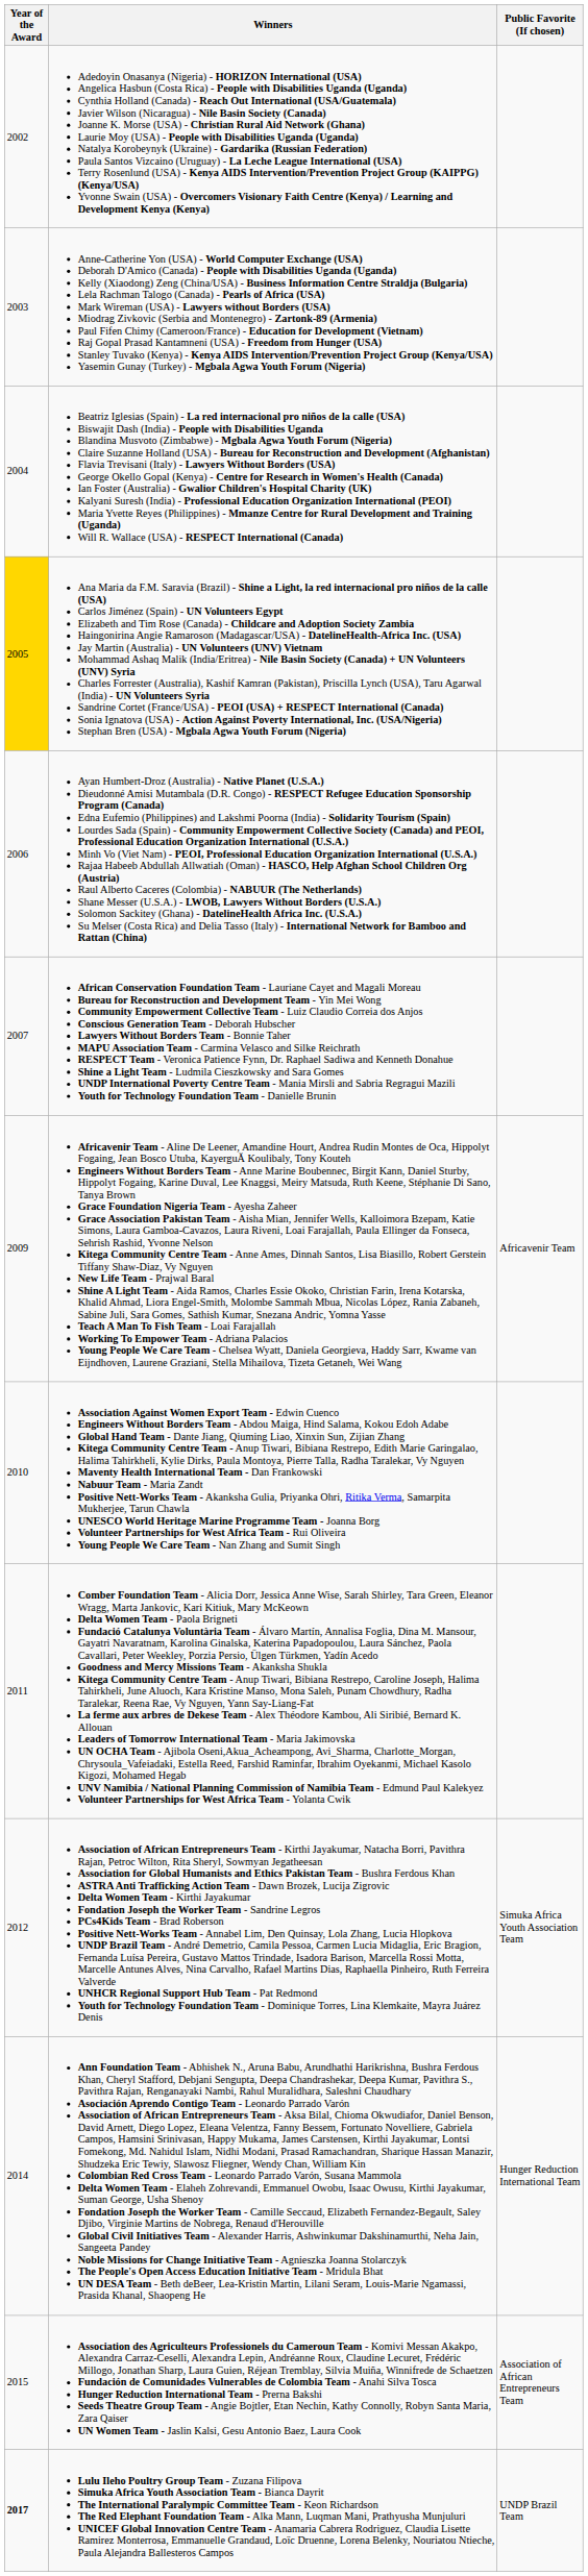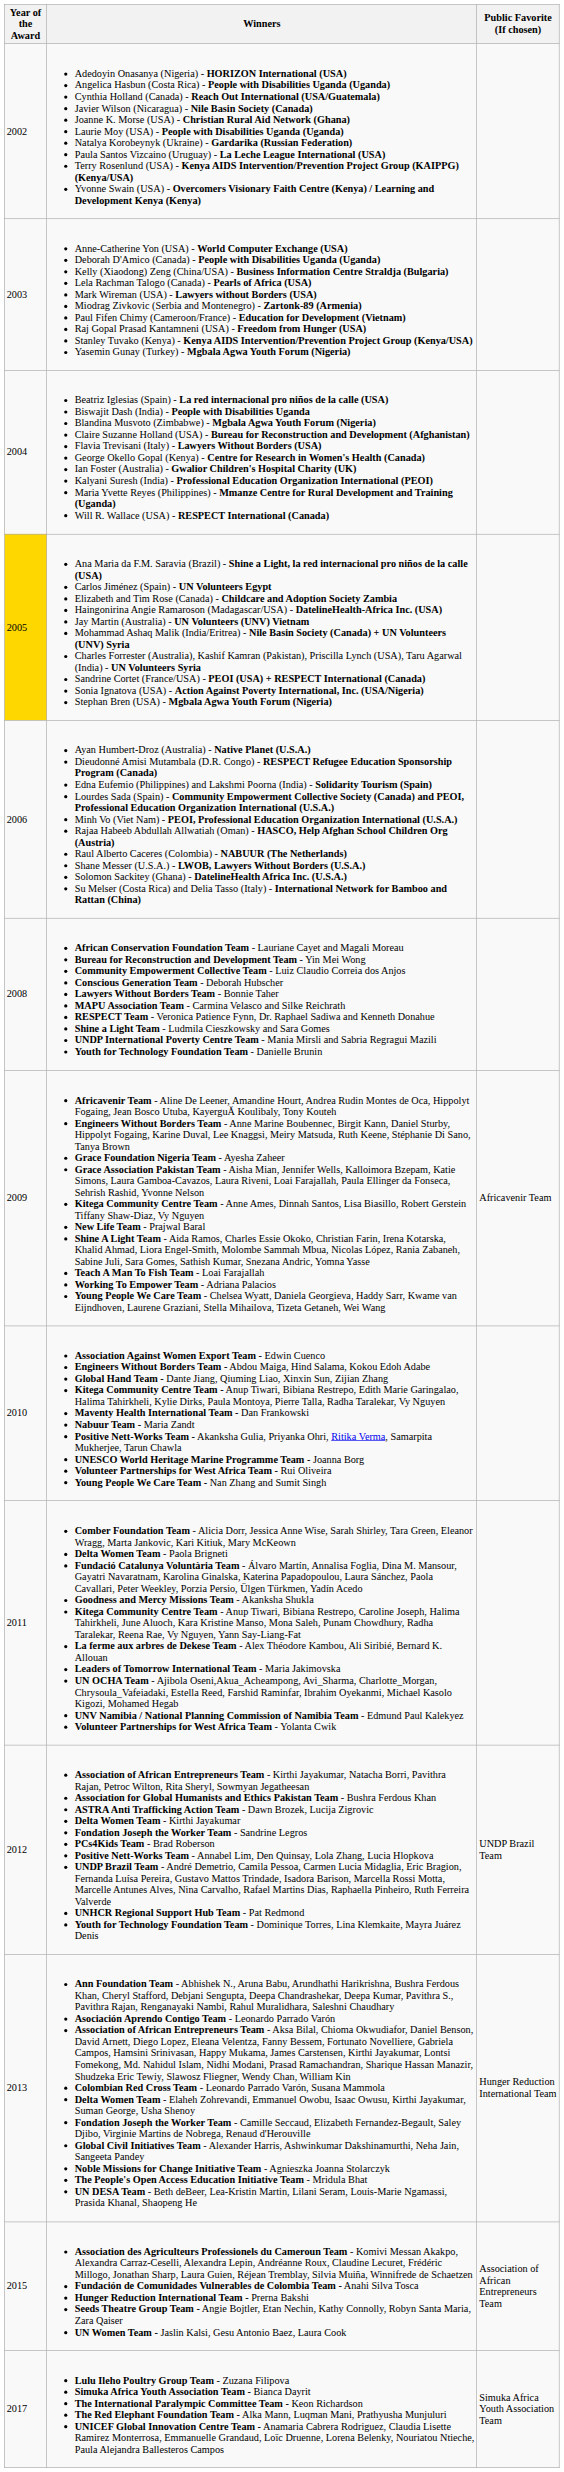 <table class="wikitable">
 <tr>
 <th>Year of the Award</th>
 <th>Winners</th>
 <th>Public Favorite<br>(If chosen)</th>
 </tr>
 <tr>
 <td>2002</td>
 <td><br><ul><li>Adedoyin Onasanya (Nigeria) - <strong>HORIZON International (USA)</strong></li><li>Angelica Hasbun (Costa Rica) - <strong>People with Disabilities Uganda (Uganda)</strong></li><li>Cynthia Holland (Canada) - <strong>Reach Out International (USA/Guatemala)</strong></li><li>Javier Wilson (Nicaragua) - <strong>Nile Basin Society (Canada)</strong></li><li>Joanne K. Morse (USA) - <strong>Christian Rural Aid Network (Ghana)</strong></li><li>Laurie Moy (USA) - <strong>People with Disabilities Uganda (Uganda)</strong></li><li>Natalya Korobeynyk (Ukraine) - <strong>Gardarika (Russian Federation)</strong></li><li>Paula Santos Vizcaino (Uruguay) - <strong>La Leche League International (USA)</strong></li><li>Terry Rosenlund (USA) - <strong>Kenya AIDS Intervention/Prevention Project Group (KAIPPG) (Kenya/USA)</strong></li><li>Yvonne Swain (USA) - <strong>Overcomers Visionary Faith Centre (Kenya) / Learning and Development Kenya (Kenya)</strong></li></ul></td>
 <td></td>
 </tr>
 <tr>
 <td>2003</td>
 <td><br><ul><li>Anne-Catherine Yon (USA) - <strong>World Computer Exchange (USA)</strong></li><li>Deborah D'Amico (Canada) - <strong>People with Disabilities Uganda (Uganda)</strong></li><li>Kelly (Xiaodong) Zeng (China/USA) - <strong>Business Information Centre Straldja (Bulgaria)</strong></li><li>Lela Rachman Talogo (Canada) - <strong>Pearls of Africa (USA)</strong></li><li>Mark Wireman (USA) - <strong>Lawyers without Borders (USA)</strong></li><li>Miodrag Zivkovic (Serbia and Montenegro) - <strong>Zartonk-89 (Armenia)</strong></li><li>Paul Fifen Chimy (Cameroon/France) - <strong>Education for Development (Vietnam)</strong></li><li>Raj Gopal Prasad Kantamneni (USA) - <strong>Freedom from Hunger (USA)</strong></li><li>Stanley Tuvako (Kenya) - <strong>Kenya AIDS Intervention/Prevention Project Group (Kenya/USA)</strong></li><li>Yasemin Gunay (Turkey) - <strong>Mgbala Agwa Youth Forum (Nigeria)</strong></li></ul></td>
 <td></td>
 </tr>
 <tr>
 <td>2004</td>
 <td><br><ul><li>Beatriz Iglesias (Spain) - <strong>La red internacional pro niños de la calle (USA)</strong></li><li>Biswajit Dash (India) - <strong>People with Disabilities Uganda</strong></li><li>Blandina Musvoto (Zimbabwe) - <strong>Mgbala Agwa Youth Forum (Nigeria)</strong></li><li>Claire Suzanne Holland (USA) - <strong>Bureau for Reconstruction and Development (Afghanistan)</strong></li><li>Flavia Trevisani (Italy) - <strong>Lawyers Without Borders (USA)</strong></li><li>George Okello Gopal (Kenya) - <strong>Centre for Research in Women's Health (Canada)</strong></li><li>Ian Foster (Australia) - <strong>Gwalior Children's Hospital Charity (UK)</strong></li><li>Kalyani Suresh (India) - <strong>Professional Education Organization International (PEOI)</strong></li><li>Maria Yvette Reyes (Philippines) - <strong>Mmanze Centre for Rural Development and Training (Uganda)</strong></li><li>Will R. Wallace (USA) - <strong>RESPECT International (Canada)</strong></li></ul></td>
 <td></td>
 </tr>
 <tr>
 <td style="background: gold;">2005</td>
 <td><br><ul><li>Ana Maria da F.M. Saravia (Brazil) - <strong>Shine a Light, la red internacional pro niños de la calle (USA)</strong></li><li>Carlos Jiménez (Spain) - <strong>UN Volunteers Egypt</strong></li><li>Elizabeth and Tim Rose (Canada) - <strong>Childcare and Adoption Society Zambia</strong></li><li>Haingonirina Angie Ramaroson (Madagascar/USA) - <strong>DatelineHealth-Africa Inc. (USA)</strong></li><li>Jay Martin (Australia) - <strong>UN Volunteers (UNV) Vietnam</strong></li><li>Mohammad Ashaq Malik (India/Eritrea) - <strong>Nile Basin Society (Canada) + UN Volunteers (UNV) Syria</strong></li><li>Charles Forrester (Australia), Kashif Kamran (Pakistan), Priscilla Lynch (USA), Taru Agarwal (India) - <strong>UN Volunteers Syria</strong></li><li>Sandrine Cortet (France/USA) - <strong>PEOI (USA) + RESPECT International (Canada)</strong></li><li>Sonia Ignatova (USA) - <strong>Action Against Poverty International, Inc. (USA/Nigeria)</strong></li><li>Stephan Bren (USA) - <strong>Mgbala Agwa Youth Forum (Nigeria)</strong></li></ul></td>
 <td></td>
 </tr>
 <tr>
 <td>2006</td>
 <td><br><ul><li>Ayan Humbert-Droz (Australia) - <strong>Native Planet (U.S.A.)</strong></li><li>Dieudonné Amisi Mutambala (D.R. Congo) - <strong>RESPECT Refugee Education Sponsorship Program (Canada)</strong></li><li>Edna Eufemio (Philippines) and Lakshmi Poorna (India) - <strong>Solidarity Tourism (Spain)</strong></li><li>Lourdes Sada (Spain) - <strong>Community Empowerment Collective Society (Canada) and PEOI, Professional Education Organization International (U.S.A.)</strong></li><li>Minh Vo (Viet Nam) - <strong>PEOI, Professional Education Organization International (U.S.A.)</strong></li><li>Rajaa Habeeb Abdullah Allwatiah (Oman) - <strong>HASCO, Help Afghan School Children Org (Austria)</strong></li><li>Raul Alberto Caceres (Colombia) - <strong>NABUUR (The Netherlands)</strong></li><li>Shane Messer (U.S.A.) - <strong>LWOB, Lawyers Without Borders (U.S.A.)</strong></li><li>Solomon Sackitey (Ghana) - <strong>DatelineHealth Africa Inc. (U.S.A.)</strong></li><li>Su Melser (Costa Rica) and Delia Tasso (Italy) - <strong>International Network for Bamboo and Rattan (China)</strong></li></ul></td>
 <td></td>
 </tr>
 <tr>
-<td>2007</td>
+<td>2008</td>
 <td><br><ul><li><strong>African Conservation Foundation Team</strong> - Lauriane Cayet and Magali Moreau</li><li><strong>Bureau for Reconstruction and Development Team</strong> - Yin Mei Wong</li><li><strong>Community Empowerment Collective Team</strong> - Luiz Claudio Correia dos Anjos</li><li><strong>Conscious Generation Team</strong> - Deborah Hubscher</li><li><strong>Lawyers Without Borders Team</strong> - Bonnie Taher</li><li><strong>MAPU Association Team</strong> - Carmina Velasco and Silke Reichrath</li><li><strong>RESPECT Team</strong> - Veronica Patience Fynn, Dr. Raphael Sadiwa and Kenneth Donahue</li><li><strong>Shine a Light Team</strong> - Ludmila Cieszkowsky and Sara Gomes</li><li><strong>UNDP International Poverty Centre Team</strong> - Mania Mirsli and Sabria Regragui Mazili</li><li><strong>Youth for Technology Foundation Team</strong> - Danielle Brunin</li></ul></td>
 <td></td>
 </tr>
 <tr>
 <td>2009</td>
 <td><br><ul><li><strong>Africavenir Team</strong> - Aline De Leener, Amandine Hourt, Andrea Rudin Montes de Oca, Hippolyt Fogaing, Jean Bosco Utuba, KayerguĂ Koulibaly, Tony Kouteh</li><li><strong>Engineers Without Borders Team</strong> - Anne Marine Boubennec, Birgit Kann, Daniel Sturby, Hippolyt Fogaing, Karine Duval, Lee Knaggsi, Meiry Matsuda, Ruth Keene, Stéphanie Di Sano, Tanya Brown</li><li><strong>Grace Foundation Nigeria Team</strong> - Ayesha Zaheer</li><li><strong>Grace Association Pakistan Team</strong> - Aisha Mian, Jennifer Wells, Kalloimora Bzepam, Katie Simons, Laura Gamboa-Cavazos, Laura Riveni, Loai Farajallah, Paula Ellinger da Fonseca, Sehrish Rashid, Yvonne Nelson</li><li><strong>Kitega Community Centre Team</strong> - Anne Ames, Dinnah Santos, Lisa Biasillo, Robert Gerstein Tiffany Shaw-Diaz, Vy Nguyen</li><li><strong>New Life Team</strong> - Prajwal Baral</li><li><strong>Shine A Light Team</strong> - Aida Ramos, Charles Essie Okoko, Christian Farin, Irena Kotarska, Khalid Ahmad, Liora Engel-Smith, Molombe Sammah Mbua, Nicolas López, Rania Zabaneh, Sabine Juli, Sara Gomes, Sathish Kumar, Snezana Andric, Yomna Yasse</li><li><strong>Teach A Man To Fish Team</strong> - Loai Farajallah</li><li><strong>Working To Empower Team</strong> - Adriana Palacios</li><li><strong>Young People We Care Team</strong> - Chelsea Wyatt, Daniela Georgieva, Haddy Sarr, Kwame van Eijndhoven, Laurene Graziani, Stella Mihailova, Tizeta Getaneh, Wei Wang</li></ul></td>
 <td>Africavenir Team</td>
 </tr>
 <tr>
 <td>2010</td>
 <td><br><ul><li><strong>Association Against Women Export Team -</strong> Edwin Cuenco</li><li><strong>Engineers Without Borders Team -</strong> Abdou Maiga, Hind Salama, Kokou Edoh Adabe</li><li><strong>Global Hand Team -</strong> Dante Jiang, Qiuming Liao, Xinxin Sun, Zijian Zhang</li><li><strong>Kitega Community Centre Team -</strong> Anup Tiwari, Bibiana Restrepo, Edith Marie Garingalao, Halima Tahirkheli, Kylie Dirks, Paula Montoya, Pierre Talla, Radha Taralekar, Vy Nguyen</li><li><strong>Maventy Health International Team -</strong> Dan Frankowski</li><li><strong>Nabuur Team -</strong> Maria Zandt</li><li><strong>Positive Nett-Works Team -</strong> Akanksha Gulia, Priyanka Ohri, <a href='#'>Ritika Verma</a>, Samarpita Mukherjee, Tarun Chawla</li><li><strong>UNESCO World Heritage Marine Programme Team -</strong> Joanna Borg</li><li><strong>Volunteer Partnerships for West Africa Team -</strong> Rui Oliveira</li><li><strong>Young People We Care Team -</strong> Nan Zhang and Sumit Singh</li></ul></td>
 <td></td>
 </tr>
 <tr>
 <td>2011</td>
 <td><br><ul><li><strong>Comber Foundation Team</strong> - Alicia Dorr, Jessica Anne Wise, Sarah Shirley, Tara Green, Eleanor Wragg, Marta Jankovic, Kari Kitiuk, Mary McKeown</li><li><strong>Delta Women Team</strong> - Paola Brigneti</li><li><strong>Fundació Catalunya Voluntària Team</strong> - Álvaro Martín, Annalisa Foglia, Dina M. Mansour, Gayatri Navaratnam, Karolina Ginalska, Katerina Papadopoulou, Laura Sánchez, Paola Cavallari, Peter Weekley, Porzia Persio, Ülgen Türkmen, Yadín Acedo</li><li><strong>Goodness and Mercy Missions Team</strong> - Akanksha Shukla</li><li><strong>Kitega Community Centre Team</strong> - Anup Tiwari, Bibiana Restrepo, Caroline Joseph, Halima Tahirkheli, June Aluoch, Kara Kristine Manso, Mona Saleh, Punam Chowdhury, Radha Taralekar, Reena Rae, Vy Nguyen, Yann Say-Liang-Fat</li><li><strong>La ferme aux arbres de Dekese Team</strong> - Alex Théodore Kambou, Ali Siribié, Bernard K. Allouan</li><li><strong>Leaders of Tomorrow International Team</strong> - Maria Jakimovska</li><li><strong>UN OCHA Team</strong> - Ajibola Oseni,Akua_Acheampong, Avi_Sharma, Charlotte_Morgan, Chrysoula_Vafeiadaki, Estella Reed, Farshid Raminfar, Ibrahim Oyekanmi, Michael Kasolo Kigozi, Mohamed Hegab</li><li><strong>UNV Namibia / National Planning Commission of Namibia Team</strong> - Edmund Paul Kalekyez</li><li><strong>Volunteer Partnerships for West Africa Team</strong> - Yolanta Cwik</li></ul></td>
 <td></td>
 </tr>
 <tr>
 <td>2012</td>
 <td><br><ul><li><strong>Association of African Entrepreneurs Team</strong> - Kirthi Jayakumar, Natacha Borri, Pavithra Rajan, Petroc Wilton, Rita Sheryl, Sowmyan Jegatheesan</li><li><strong>Association for Global Humanists and Ethics Pakistan Team</strong> - Bushra Ferdous Khan</li><li><strong>ASTRA Anti Trafficking Action Team</strong> - Dawn Brozek, Lucija Zigrovic</li><li><strong>Delta Women Team</strong> - Kirthi Jayakumar</li><li><strong>Fondation Joseph the Worker Team</strong> - Sandrine Legros</li><li><strong>PCs4Kids Team</strong> - Brad Roberson</li><li><strong>Positive Nett-Works Team</strong> - Annabel Lim, Den Quinsay, Lola Zhang, Lucia Hlopkova</li><li><strong>UNDP Brazil Team</strong> - André Demetrio, Camila Pessoa, Carmen Lucia Midaglia, Eric Bragion, Fernanda Luísa Pereira, Gustavo Mattos Trindade, Isadora Barison, Marcella Rossi Motta, Marcelle Antunes Alves, Nina Carvalho, Rafael Martins Dias, Raphaella Pinheiro, Ruth Ferreira Valverde</li><li><strong>UNHCR Regional Support Hub Team</strong> - Pat Redmond</li><li><strong>Youth for Technology Foundation Team</strong> - Dominique Torres, Lina Klemkaite, Mayra Juárez Denis</li></ul></td>
-<td>Simuka Africa Youth Association Team</td>
+<td>UNDP Brazil Team</td>
 </tr>
 <tr>
-<td>2014</td>
+<td>2013</td>
 <td><br><ul><li><strong>Ann Foundation Team</strong> - Abhishek N., Aruna Babu, Arundhathi Harikrishna, Bushra Ferdous Khan, Cheryl Stafford, Debjani Sengupta, Deepa Chandrashekar, Deepa Kumar, Pavithra S., Pavithra Rajan, Renganayaki Nambi, Rahul Muralidhara, Saleshni Chaudhary</li><li><strong>Asociación Aprendo Contigo Team</strong> - Leonardo Parrado Varón</li><li><strong>Association of African Entrepreneurs Team</strong> - Aksa Bilal, Chioma Okwudiafor, Daniel Benson, David Arnett, Diego Lopez, Eleana Velentza, Fanny Bessem, Fortunato Novelliere, Gabriela Campos, Hamsini Srinivasan, Happy Mukama, James Carstensen, Kirthi Jayakumar, Lontsi Fomekong, Md. Nahidul Islam, Nidhi Modani, Prasad Ramachandran, Sharique Hassan Manazir, Shudzeka Eric Tewiy, Slawosz Fliegner, Wendy Chan, William Kin</li><li><strong>Colombian Red Cross Team</strong> - Leonardo Parrado Varón, Susana Mammola</li><li><strong>Delta Women Team</strong> - Elaheh Zohrevandi, Emmanuel Owobu, Isaac Owusu, Kirthi Jayakumar, Suman George, Usha Shenoy</li><li><strong>Fondation Joseph the Worker Team</strong> - Camille Seccaud, Elizabeth Fernandez-Begault, Saley Djibo, Virginie Martins de Nobrega, Renaud d'Herouville</li><li><strong>Global Civil Initiatives Team</strong> - Alexander Harris, Ashwinkumar Dakshinamurthi, Neha Jain, Sangeeta Pandey</li><li><strong>Noble Missions for Change Initiative Team</strong> - Agnieszka Joanna Stolarczyk</li><li><strong>The People's Open Access Education Initiative Team</strong> - Mridula Bhat</li><li><strong>UN DESA Team</strong> - Beth deBeer, Lea-Kristin Martin, Lilani Seram, Louis-Marie Ngamassi, Prasida Khanal, Shaopeng He</li></ul></td>
 <td>Hunger Reduction International Team</td>
 </tr>
 <tr>
 <td>2015</td>
 <td><br><ul><li><strong>Association des Agriculteurs Professionels du Cameroun Team</strong> - Komivi Messan Akakpo, Alexandra Carraz-Ceselli, Alexandra Lepin, Andréanne Roux, Claudine Lecuret, Frédéric Millogo, Jonathan Sharp, Laura Guien, Réjean Tremblay, Silvia Muiña, Winnifrede de Schaetzen</li><li><strong>Fundación de Comunidades Vulnerables de Colombia Team -</strong> Anahi Silva Tosca</li><li><strong>Hunger Reduction International Team -</strong> Prerna Bakshi</li><li><strong>Seeds Theatre Group Team -</strong> Angie Bojtler, Etan Nechin, Kathy Connolly, Robyn Santa Maria, Zara Qaiser</li><li><strong>UN Women Team -</strong> Jaslin Kalsi, Gesu Antonio Baez, Laura Cook</li></ul></td>
 <td>Association of African Entrepreneurs Team</td>
 </tr>
 <tr>
-<td><strong>2017</strong></td>
+<td>2017</td>
 <td><br><ul><li><strong>Lulu Ileho Poultry Group Team</strong> - Zuzana Filipova</li><li><strong>Simuka Africa Youth Association Team -</strong> Bianca Dayrit</li><li><strong>The International Paralympic Committee Team -</strong> Keon Richardson</li><li><strong>The Red Elephant Foundation Team -</strong> Alka Mann, Luqman Mani, Prathyusha Munjuluri</li><li><strong>UNICEF Global Innovation Centre Team -</strong> Anamaria Cabrera Rodriguez, Claudia Lisette Ramirez Monterrosa, Emmanuelle Grandaud, Loïc Druenne, Lorena Belenky, Nouriatou Ntieche, Paula Alejandra Ballesteros Campos</li></ul></td>
-<td>UNDP Brazil Team</td>
+<td>Simuka Africa Youth Association Team</td>
 </tr>
 </table>
